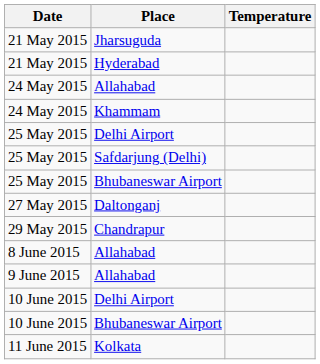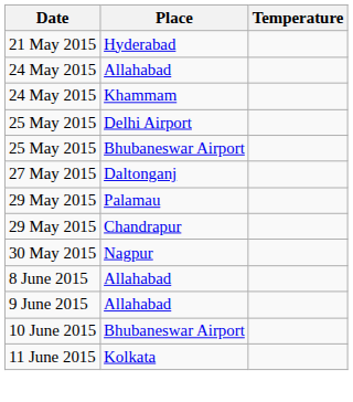 <table class="wikitable sortable">
 <tr>
 <th>Date</th>
 <th>Place</th>
 <th>Temperature</th>
-</tr>
-<tr>
-<td>21 May 2015</td>
-<td><a href='#'>Jharsuguda</a></td>
-<td></td>
 </tr>
 <tr>
 <td>21 May 2015</td>
 <td><a href='#'>Hyderabad</a></td>
 <td></td>
 </tr>
 <tr>
 <td>24 May 2015</td>
 <td><a href='#'>Allahabad</a></td>
 <td></td>
 </tr>
 <tr>
 <td>24 May 2015</td>
 <td><a href='#'>Khammam</a></td>
 <td></td>
 </tr>
 <tr>
 <td>25 May 2015</td>
 <td><a href='#'>Delhi Airport</a></td>
 <td></td>
 </tr>
 <tr>
 <td>25 May 2015</td>
-<td><a href='#'>Safdarjung (Delhi)</a></td>
-<td></td>
-</tr>
-<tr>
-<td>25 May 2015</td>
 <td><a href='#'>Bhubaneswar Airport</a></td>
 <td></td>
 </tr>
 <tr>
 <td>27 May 2015</td>
 <td><a href='#'>Daltonganj</a></td>
 <td></td>
 </tr>
 <tr>
 <td>29 May 2015</td>
+<td><a href='#'>Palamau</a></td>
+<td></td>
+</tr>
+<tr>
+<td>29 May 2015</td>
 <td><a href='#'>Chandrapur</a></td>
+<td></td>
+</tr>
+<tr>
+<td>30 May 2015</td>
+<td><a href='#'>Nagpur</a></td>
 <td></td>
 </tr>
 <tr>
 <td>8 June 2015</td>
 <td><a href='#'>Allahabad</a></td>
 <td></td>
 </tr>
 <tr>
 <td>9 June 2015</td>
 <td><a href='#'>Allahabad</a></td>
 <td></td>
 </tr>
 <tr>
 <td>10 June 2015</td>
-<td><a href='#'>Delhi Airport</a></td>
-<td></td>
-</tr>
-<tr>
-<td>10 June 2015</td>
 <td><a href='#'>Bhubaneswar Airport</a></td>
 <td></td>
 </tr>
 <tr>
 <td>11 June 2015</td>
 <td><a href='#'>Kolkata</a></td>
 <td></td>
 </tr>
 </table>
